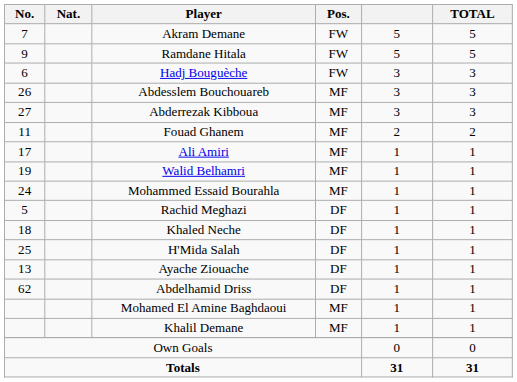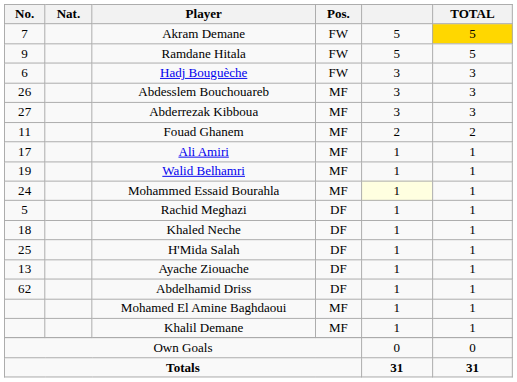 <table class="wikitable sortable alternance"  style="font-size:85%; text-align:center; line-height:14px; width:60%;">
 <tr>
 <th width=10>No.</th>
 <th width=10>Nat.</th>
 <th width=140>Player</th>
 <th width=10>Pos.</th>
 <th width=40></th>
 <th width=10>TOTAL</th>
 </tr>
 <tr>
 <td>7</td>
 <td></td>
 <td>Akram Demane</td>
 <td>FW</td>
 <td>5</td>
-<td>5</td>
+<td style="background: gold;">5</td>
 </tr>
 <tr>
 <td>9</td>
 <td></td>
 <td>Ramdane Hitala</td>
 <td>FW</td>
 <td>5</td>
 <td>5</td>
 </tr>
 <tr>
 <td>6</td>
 <td></td>
 <td><a href='#'>Hadj Bouguèche</a></td>
 <td>FW</td>
 <td>3</td>
 <td>3</td>
 </tr>
 <tr>
 <td>26</td>
 <td></td>
 <td>Abdesslem Bouchouareb</td>
 <td>MF</td>
 <td>3</td>
 <td>3</td>
 </tr>
 <tr>
 <td>27</td>
 <td></td>
 <td>Abderrezak Kibboua</td>
 <td>MF</td>
 <td>3</td>
 <td>3</td>
 </tr>
 <tr>
 <td>11</td>
 <td></td>
 <td>Fouad Ghanem</td>
 <td>MF</td>
 <td>2</td>
 <td>2</td>
 </tr>
 <tr>
 <td>17</td>
 <td></td>
 <td><a href='#'>Ali Amiri</a></td>
 <td>MF</td>
 <td>1</td>
 <td>1</td>
 </tr>
 <tr>
 <td>19</td>
 <td></td>
 <td><a href='#'>Walid Belhamri</a></td>
 <td>MF</td>
 <td>1</td>
 <td>1</td>
 </tr>
 <tr>
 <td>24</td>
 <td></td>
 <td>Mohammed Essaid Bourahla</td>
 <td>MF</td>
-<td>1</td>
+<td style="background: lightyellow;">1</td>
 <td>1</td>
 </tr>
 <tr>
 <td>5</td>
 <td></td>
 <td>Rachid Meghazi</td>
 <td>DF</td>
 <td>1</td>
 <td>1</td>
 </tr>
 <tr>
 <td>18</td>
 <td></td>
 <td>Khaled Neche</td>
 <td>DF</td>
 <td>1</td>
 <td>1</td>
 </tr>
 <tr>
 <td>25</td>
 <td></td>
 <td>H'Mida Salah</td>
 <td>DF</td>
 <td>1</td>
 <td>1</td>
 </tr>
 <tr>
 <td>13</td>
 <td></td>
 <td>Ayache Ziouache</td>
 <td>DF</td>
 <td>1</td>
 <td>1</td>
 </tr>
 <tr>
 <td>62</td>
 <td></td>
 <td>Abdelhamid Driss</td>
 <td>DF</td>
 <td>1</td>
 <td>1</td>
 </tr>
 <tr>
 <td></td>
 <td></td>
 <td>Mohamed El Amine Baghdaoui</td>
 <td>MF</td>
 <td>1</td>
 <td>1</td>
 </tr>
 <tr>
 <td></td>
 <td></td>
 <td>Khalil Demane</td>
 <td>MF</td>
 <td>1</td>
 <td>1</td>
 </tr>
 <tr>
 </tr>
 <tr class="sortbottom">
 <td colspan="4">Own Goals</td>
 <td>0</td>
 <td>0</td>
 </tr>
 <tr class="sortbottom">
 <td colspan="4"><strong>Totals</strong></td>
 <td><strong>31</strong></td>
 <td><strong>31</strong></td>
 </tr>
 </table>
